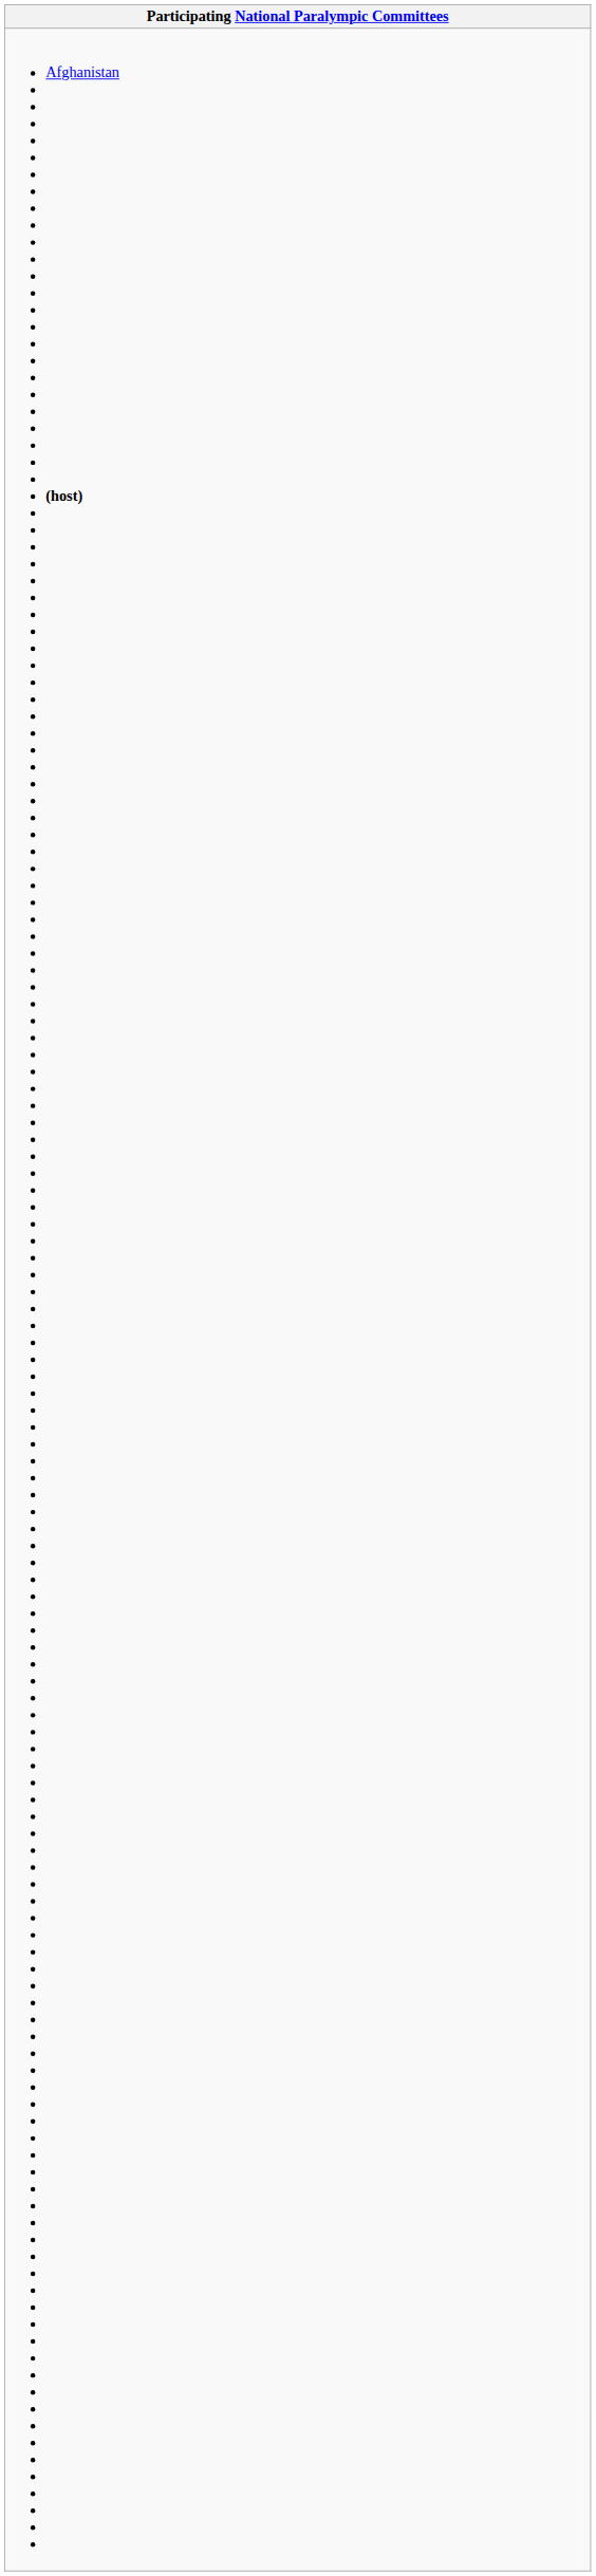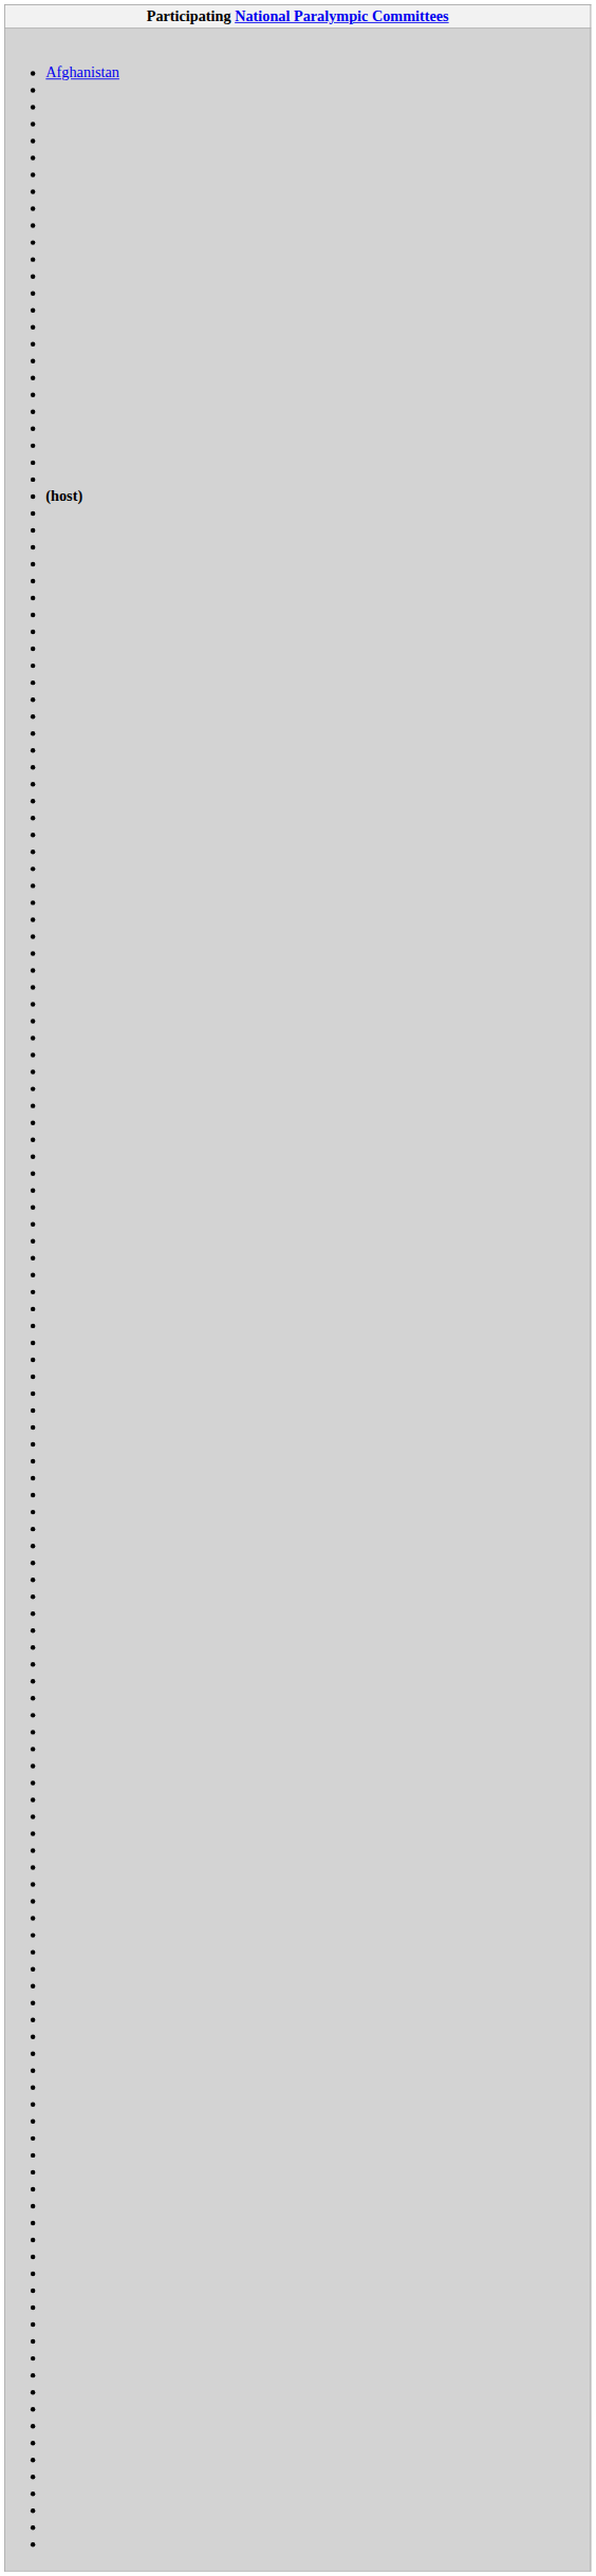 <table class="wikitable collapsible" style="width:100%;">
 <tr>
 <th>Participating <a href='#'>National Paralympic Committees</a></th>
 </tr>
 <tr>
-<td><br><ul><li> <a href='#'>Afghanistan</a></li><li></li><li></li><li></li><li></li><li></li><li></li><li></li><li></li><li></li><li></li><li></li><li></li><li></li><li></li><li></li><li></li><li></li><li></li><li></li><li></li><li></li><li></li><li></li><li></li><li>  <strong>(host)</strong></li><li></li><li></li><li></li><li></li><li></li><li></li><li></li><li></li><li></li><li></li><li></li><li></li><li></li><li></li><li></li><li></li><li></li><li></li><li></li><li></li><li></li><li></li><li></li><li></li><li></li><li></li><li></li><li></li><li></li><li></li><li></li><li></li><li></li><li></li><li></li><li></li><li></li><li></li><li></li><li></li><li></li><li></li><li></li><li></li><li></li><li></li><li></li><li></li><li></li><li></li><li></li><li></li><li></li><li></li><li></li><li></li><li></li><li></li><li></li><li></li><li></li><li></li><li></li><li></li><li></li><li></li><li></li><li></li><li></li><li></li><li></li><li></li><li></li><li></li><li></li><li></li><li></li><li></li><li></li><li></li><li></li><li></li><li></li><li></li><li></li><li></li><li></li><li></li><li></li><li></li><li></li><li></li><li></li><li></li><li></li><li></li><li></li><li></li><li></li><li></li><li></li><li></li><li></li><li></li><li></li><li></li><li></li><li></li><li></li><li></li><li></li><li></li><li></li><li></li><li></li><li></li><li></li><li></li><li></li><li></li><li></li></ul></td>
+<td style="background: lightgrey;"><br><ul><li> <a href='#'>Afghanistan</a></li><li></li><li></li><li></li><li></li><li></li><li></li><li></li><li></li><li></li><li></li><li></li><li></li><li></li><li></li><li></li><li></li><li></li><li></li><li></li><li></li><li></li><li></li><li></li><li></li><li>  <strong>(host)</strong></li><li></li><li></li><li></li><li></li><li></li><li></li><li></li><li></li><li></li><li></li><li></li><li></li><li></li><li></li><li></li><li></li><li></li><li></li><li></li><li></li><li></li><li></li><li></li><li></li><li></li><li></li><li></li><li></li><li></li><li></li><li></li><li></li><li></li><li></li><li></li><li></li><li></li><li></li><li></li><li></li><li></li><li></li><li></li><li></li><li></li><li></li><li></li><li></li><li></li><li></li><li></li><li></li><li></li><li></li><li></li><li></li><li></li><li></li><li></li><li></li><li></li><li></li><li></li><li></li><li></li><li></li><li></li><li></li><li></li><li></li><li></li><li></li><li></li><li></li><li></li><li></li><li></li><li></li><li></li><li></li><li></li><li></li><li></li><li></li><li></li><li></li><li></li><li></li><li></li><li></li><li></li><li></li><li></li><li></li><li></li><li></li><li></li><li></li><li></li><li></li><li></li><li></li><li></li><li></li><li></li><li></li><li></li><li></li><li></li><li></li><li></li><li></li><li></li><li></li><li></li><li></li><li></li><li></li><li></li><li></li><li></li></ul></td>
 </tr>
 </table>
